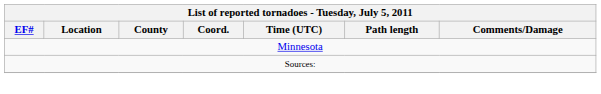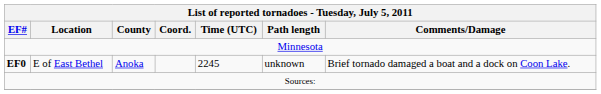 <table class="wikitable collapsible" width="100%">
 <tr>
 <th colspan="7">List of reported tornadoes - Tuesday, July 5, 2011</th>
 </tr>
 <tr>
 <th><a href='#'>EF#</a></th>
 <th>Location</th>
 <th>County</th>
 <th>Coord.</th>
 <th>Time (UTC)</th>
 <th>Path length</th>
 <th>Comments/Damage</th>
 </tr>
 <tr>
 <td colspan="7" align=center><a href='#'>Minnesota</a></td>
 </tr>
 <tr>
+<td><strong>EF0</strong></td>
+<td>E of <a href='#'>East Bethel</a></td>
+<td><a href='#'>Anoka</a></td>
+<td></td>
+<td>2245</td>
+<td>unknown</td>
+<td>Brief tornado damaged a boat and a dock on <a href='#'>Coon Lake</a>.</td>
+</tr>
+<tr>
 <td colspan="7" align=center><small>Sources: </small></td>
 </tr>
 <tr>
 </tr>
 </table>
